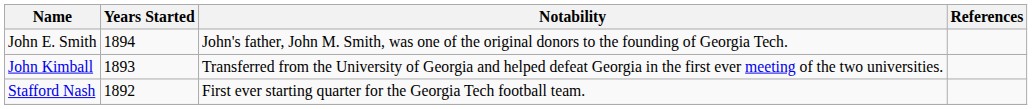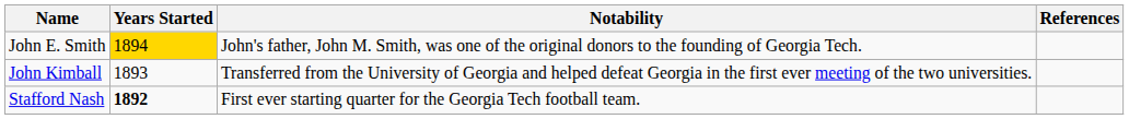 <table class="wikitable sortable" style="text-align:left;">
 <tr>
 <th>Name</th>
 <th>Years Started</th>
 <th>Notability</th>
 <th>References</th>
 </tr>
 <tr>
 <td>John E. Smith</td>
-<td>1894</td>
+<td style="background: gold;">1894</td>
 <td>John's father, John M. Smith, was one of the original donors to the founding of Georgia Tech.</td>
 <td></td>
 </tr>
 <tr>
 <td><a href='#'>John Kimball</a></td>
 <td>1893</td>
 <td>Transferred from the University of Georgia and helped defeat Georgia in the first ever <a href='#'>meeting</a> of the two universities.</td>
 <td></td>
 </tr>
 <tr>
 <td><a href='#'>Stafford Nash</a></td>
-<td>1892</td>
+<td><strong>1892</strong></td>
 <td>First ever starting quarter for the Georgia Tech football team.</td>
 <td></td>
 </tr>
 <tr>
 </tr>
 </table>
